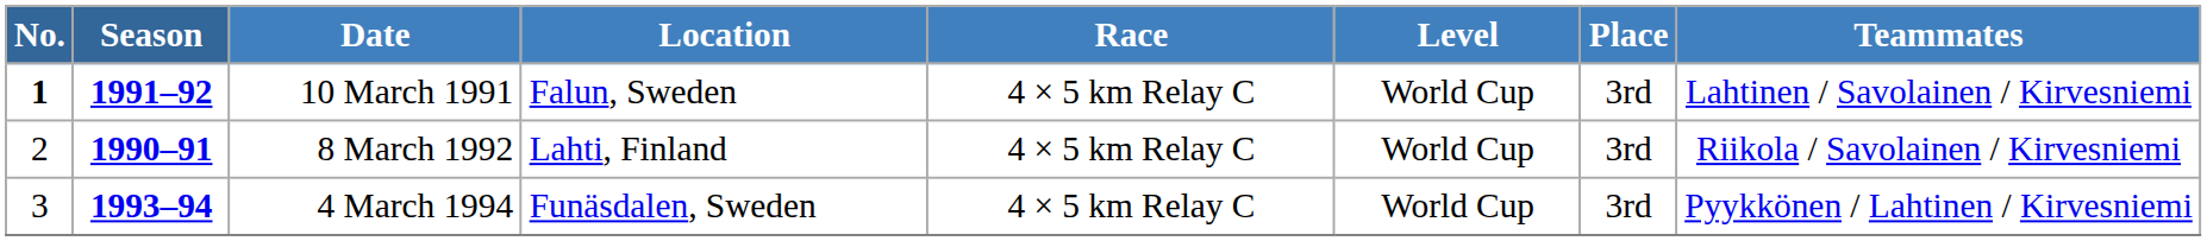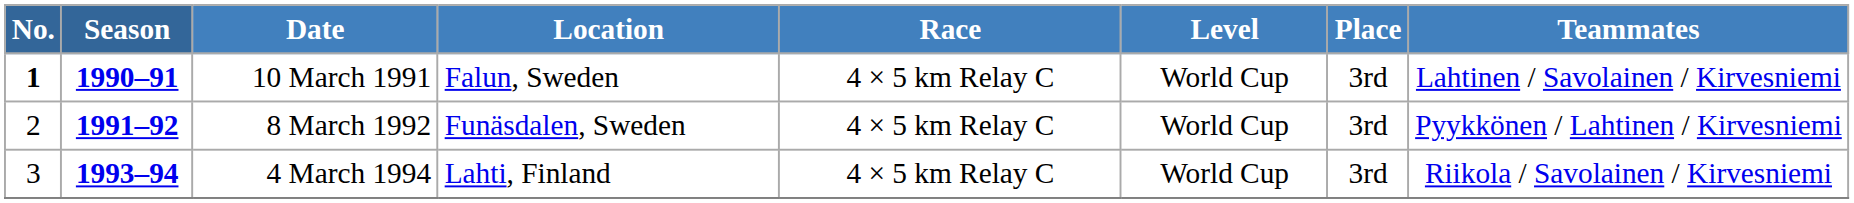 <table class="wikitable sortable" style="font-size:95%; text-align:center; border:grey solid 1px; border-collapse:collapse; background:#ffffff;">
 <tr style="background:#efefef;">
 <th style="background-color:#369; color:white;">No.</th>
 <th style="background-color:#369; color:white;">Season</th>
 <th style="background-color:#4180be; color:white; width:120px;">Date</th>
 <th style="background-color:#4180be; color:white; width:170px;">Location</th>
 <th style="background-color:#4180be; color:white; width:170px;">Race</th>
 <th style="background-color:#4180be; color:white; width:100px;">Level</th>
 <th style="background-color:#4180be; color:white;">Place</th>
 <th style="background-color:#4180be; color:white;">Teammates</th>
 </tr>
 <tr>
 <td align=center><strong>1</strong></td>
-<td rowspan=1 align=center><strong> <a href='#'>1991–92</a> </strong></td>
+<td rowspan=1 align=center><strong> <a href='#'>1990–91</a> </strong></td>
 <td align=right>10 March 1991</td>
 <td align=left> <a href='#'>Falun</a>, Sweden</td>
 <td>4 × 5 km Relay C</td>
 <td>World Cup</td>
 <td>3rd</td>
 <td><a href='#'>Lahtinen</a> / <a href='#'>Savolainen</a> / <a href='#'>Kirvesniemi</a></td>
 </tr>
 <tr>
 <td align=center>2</td>
-<td rowspan=1 align=center><strong> <a href='#'>1990–91</a> </strong></td>
+<td rowspan=1 align=center><strong> <a href='#'>1991–92</a> </strong></td>
 <td align=right>8 March 1992</td>
+<td align=left> <a href='#'>Funäsdalen</a>, Sweden</td>
+<td>4 × 5 km Relay C</td>
+<td>World Cup</td>
+<td>3rd</td>
+<td><a href='#'>Pyykkönen</a> / <a href='#'>Lahtinen</a> / <a href='#'>Kirvesniemi</a></td>
+</tr>
+<tr>
+<td align=center>3</td>
+<td rowspan=1 align=center><strong> <a href='#'>1993–94</a> </strong></td>
+<td align=right>4 March 1994</td>
 <td align=left> <a href='#'>Lahti</a>, Finland</td>
 <td>4 × 5 km Relay C</td>
 <td>World Cup</td>
 <td>3rd</td>
 <td><a href='#'>Riikola</a> / <a href='#'>Savolainen</a> / <a href='#'>Kirvesniemi</a></td>
 </tr>
 <tr>
-<td align=center>3</td>
-<td rowspan=1 align=center><strong> <a href='#'>1993–94</a> </strong></td>
-<td align=right>4 March 1994</td>
-<td align=left> <a href='#'>Funäsdalen</a>, Sweden</td>
-<td>4 × 5 km Relay C</td>
-<td>World Cup</td>
-<td>3rd</td>
-<td><a href='#'>Pyykkönen</a> / <a href='#'>Lahtinen</a> / <a href='#'>Kirvesniemi</a></td>
-</tr>
-<tr>
 </tr>
 </table>
